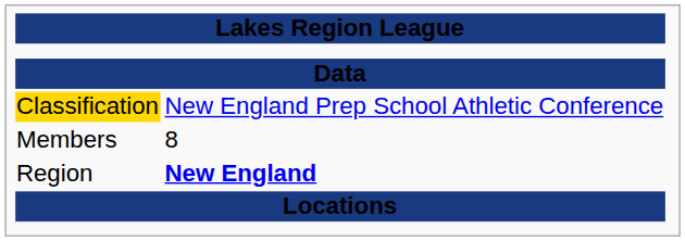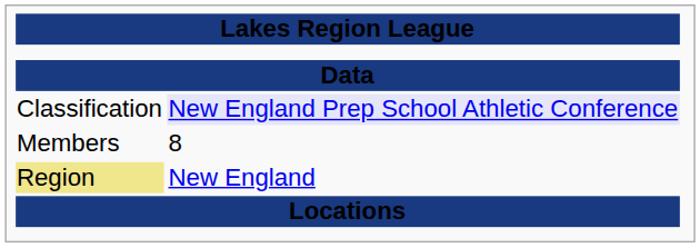 <table class="infobox">
 <tr>
 <th colspan="2" align="center" bgcolor="#193980"><span><strong>Lakes Region League</strong></span></th>
 </tr>
 <tr>
 <td colspan="2" align="center"></td>
 </tr>
 <tr>
 <td colspan="2" align="center"></td>
 <td></td>
 </tr>
 <tr>
 <td colspan="2" align="center" bgcolor="#193980"><span><strong>Data</strong></span></td>
 </tr>
 <tr>
-<td style="background: gold;">Classification</td>
-<td><a href='#'>New England Prep School Athletic Conference</a></td>
+<td>Classification</td>
+<td style="background: lavender;"><a href='#'>New England Prep School Athletic Conference</a></td>
 </tr>
 <tr>
 <td>Members</td>
 <td>8</td>
 </tr>
 <tr>
-<td>Region</td>
-<td><strong><a href='#'>New England</a></strong></td>
+<td style="background: khaki;">Region</td>
+<td><a href='#'>New England</a></td>
 </tr>
 <tr>
 <td colspan="2" align="center" bgcolor="#193980"><strong>Locations</strong></td>
 <td></td>
 </tr>
 <tr>
 <td></td>
 <td></td>
 <td></td>
 </tr>
 </table>
